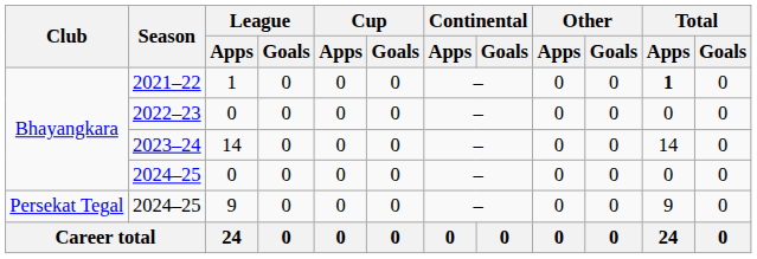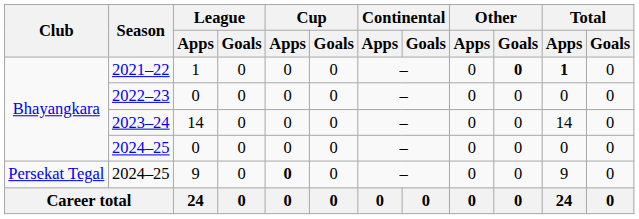 <table class="wikitable" style="text-align: center">
 <tr>
 <th rowspan="2">Club</th>
 <th rowspan="2">Season</th>
 <th colspan="2">League</th>
 <th colspan="2">Cup</th>
 <th colspan="2">Continental</th>
 <th colspan="2">Other</th>
 <th colspan="2">Total</th>
 </tr>
 <tr>
 <th>Apps</th>
 <th>Goals</th>
 <th>Apps</th>
 <th>Goals</th>
 <th>Apps</th>
 <th>Goals</th>
 <th>Apps</th>
 <th>Goals</th>
 <th>Apps</th>
 <th>Goals</th>
 </tr>
 <tr>
 <td rowspan="4"><a href='#'>Bhayangkara</a></td>
 <td><a href='#'>2021–22</a></td>
 <td>1</td>
 <td>0</td>
 <td>0</td>
 <td>0</td>
 <td colspan="2">–</td>
 <td>0</td>
-<td>0</td>
+<td><strong>0</strong></td>
 <td><strong>1</strong></td>
 <td>0</td>
 </tr>
 <tr>
 <td><a href='#'>2022–23</a></td>
 <td>0</td>
 <td>0</td>
 <td>0</td>
 <td>0</td>
 <td colspan=2>–</td>
 <td>0</td>
 <td>0</td>
 <td>0</td>
 <td>0</td>
 </tr>
 <tr>
 <td><a href='#'>2023–24</a></td>
 <td>14</td>
 <td>0</td>
 <td>0</td>
 <td>0</td>
 <td colspan=2>–</td>
 <td>0</td>
 <td>0</td>
 <td>14</td>
 <td>0</td>
 </tr>
 <tr>
 <td><a href='#'>2024–25</a></td>
 <td>0</td>
 <td>0</td>
 <td>0</td>
 <td>0</td>
 <td colspan="2">–</td>
 <td>0</td>
 <td>0</td>
 <td>0</td>
 <td>0</td>
 </tr>
 <tr>
 <td rowspan="1"><a href='#'>Persekat Tegal</a></td>
 <td>2024–25</td>
 <td>9</td>
 <td>0</td>
-<td>0</td>
+<td><strong>0</strong></td>
 <td>0</td>
 <td colspan="2">–</td>
 <td>0</td>
 <td>0</td>
 <td>9</td>
 <td>0</td>
 </tr>
 <tr>
 <th colspan=2>Career total</th>
 <th>24</th>
 <th>0</th>
 <th>0</th>
 <th>0</th>
 <th>0</th>
 <th>0</th>
 <th>0</th>
 <th>0</th>
 <th>24</th>
 <th>0</th>
 </tr>
 </table>
